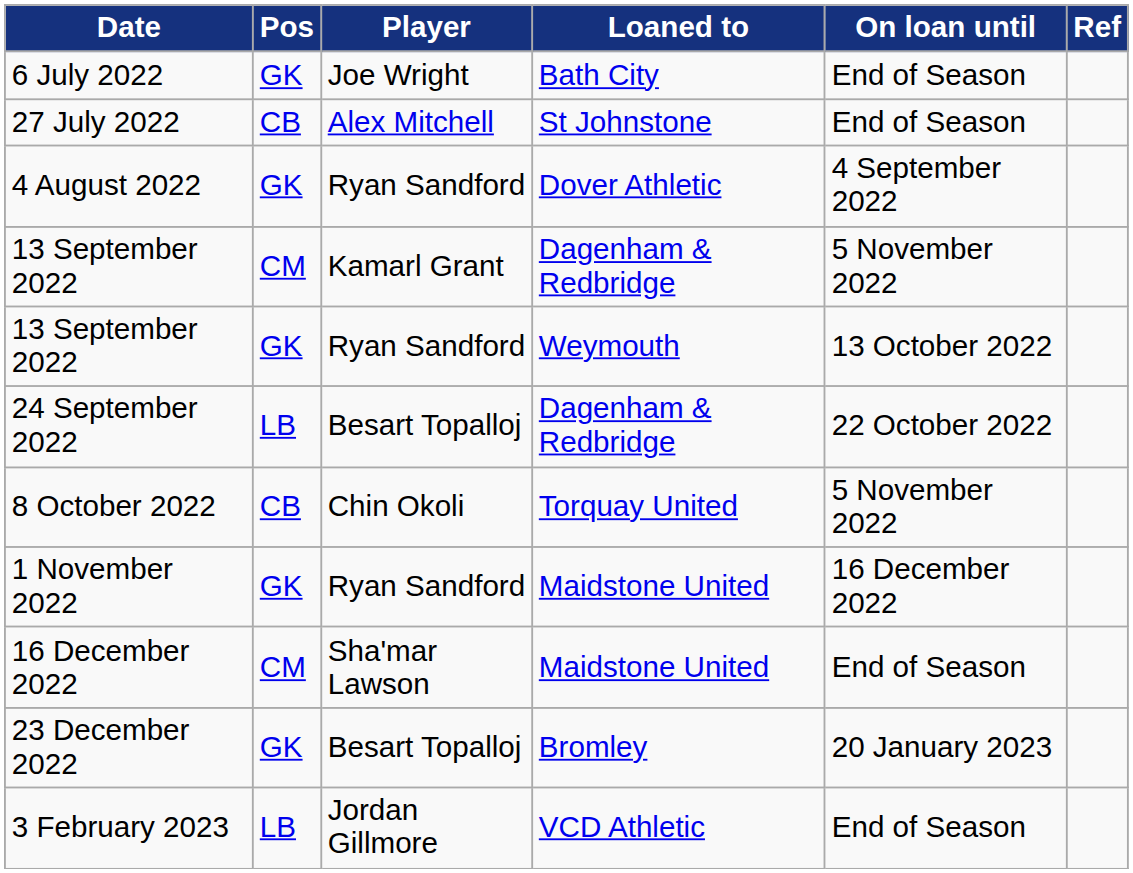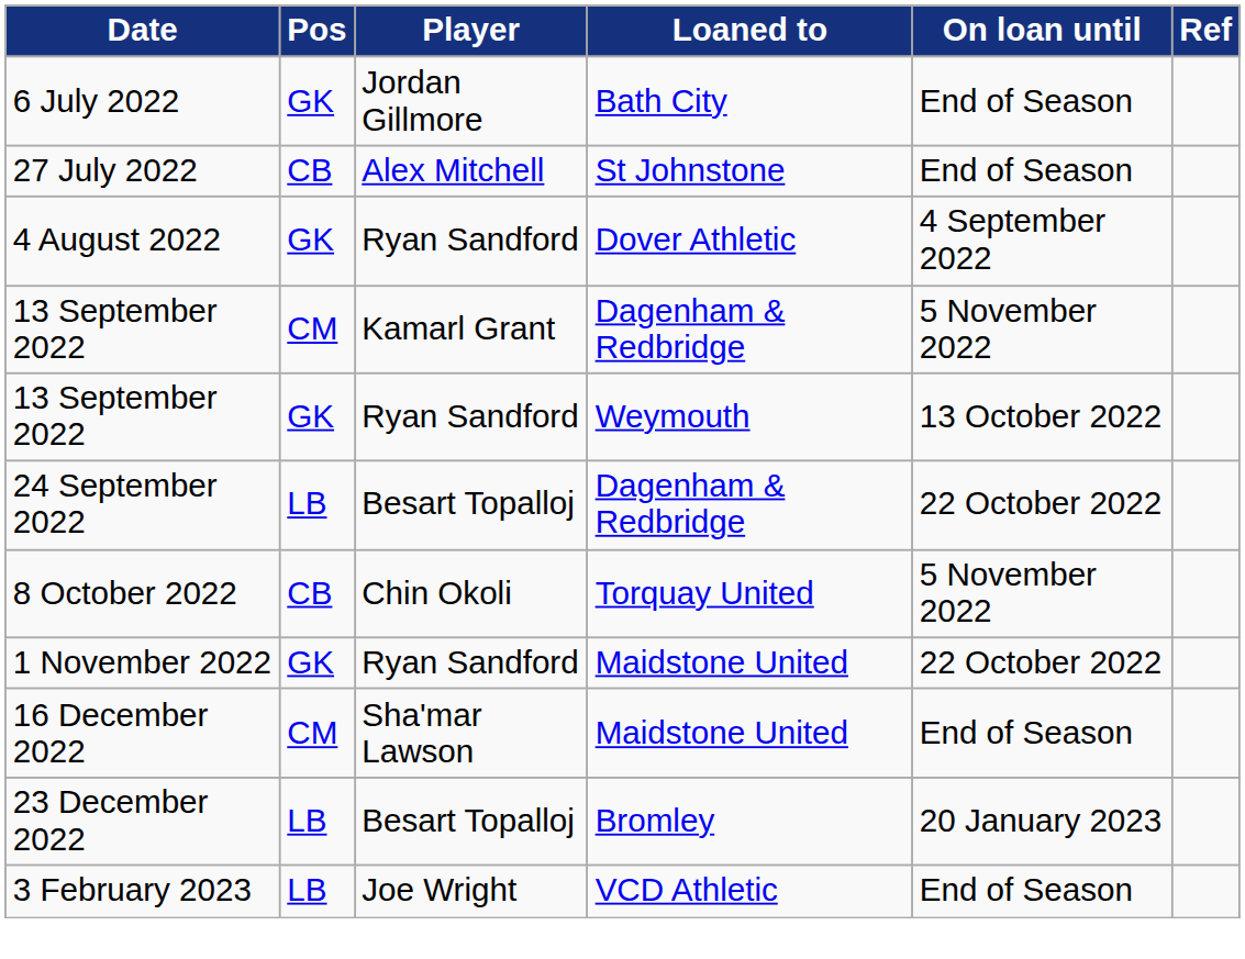 <table class="wikitable plainrowheaders sortable">
 <tr>
 <th style="background:#15317E; color:#ffffff; ">Date</th>
 <th style="background:#15317E; color:#ffffff; ">Pos</th>
 <th style="background:#15317E; color:#ffffff; ">Player</th>
 <th style="background:#15317E; color:#ffffff; ">Loaned to</th>
 <th style="background:#15317E; color:#ffffff; ">On loan until</th>
 <th style="background:#15317E; color:#ffffff; ">Ref</th>
 </tr>
 <tr>
 <td>6 July 2022</td>
 <td><a href='#'>GK</a></td>
-<td> Joe Wright</td>
+<td> Jordan Gillmore</td>
 <td> <a href='#'>Bath City</a></td>
 <td>End of Season</td>
 <td></td>
 </tr>
 <tr>
 <td>27 July 2022</td>
 <td><a href='#'>CB</a></td>
 <td> <a href='#'>Alex Mitchell</a></td>
 <td> <a href='#'>St Johnstone</a></td>
 <td>End of Season</td>
 <td></td>
 </tr>
 <tr>
 <td>4 August 2022</td>
 <td><a href='#'>GK</a></td>
 <td> Ryan Sandford</td>
 <td> <a href='#'>Dover Athletic</a></td>
 <td>4 September 2022</td>
 <td></td>
 </tr>
 <tr>
 <td>13 September 2022</td>
 <td><a href='#'>CM</a></td>
 <td> Kamarl Grant</td>
 <td> <a href='#'>Dagenham & Redbridge</a></td>
 <td>5 November 2022</td>
 <td></td>
 </tr>
 <tr>
 <td>13 September 2022</td>
 <td><a href='#'>GK</a></td>
 <td> Ryan Sandford</td>
 <td> <a href='#'>Weymouth</a></td>
 <td>13 October 2022</td>
 <td></td>
 </tr>
 <tr>
 <td>24 September 2022</td>
 <td><a href='#'>LB</a></td>
 <td> Besart Topalloj</td>
 <td> <a href='#'>Dagenham & Redbridge</a></td>
 <td>22 October 2022</td>
 <td></td>
 </tr>
 <tr>
 <td>8 October 2022</td>
 <td><a href='#'>CB</a></td>
 <td> Chin Okoli</td>
 <td> <a href='#'>Torquay United</a></td>
 <td>5 November 2022</td>
 <td></td>
 </tr>
 <tr>
 <td>1 November 2022</td>
 <td><a href='#'>GK</a></td>
 <td> Ryan Sandford</td>
 <td> <a href='#'>Maidstone United</a></td>
-<td>16 December 2022</td>
+<td>22 October 2022</td>
 <td></td>
 </tr>
 <tr>
 <td>16 December 2022</td>
 <td><a href='#'>CM</a></td>
 <td> Sha'mar Lawson</td>
 <td> <a href='#'>Maidstone United</a></td>
 <td>End of Season</td>
 <td></td>
 </tr>
 <tr>
 <td>23 December 2022</td>
-<td><a href='#'>GK</a></td>
+<td><a href='#'>LB</a></td>
 <td> Besart Topalloj</td>
 <td> <a href='#'>Bromley</a></td>
 <td>20 January 2023</td>
 <td></td>
 </tr>
 <tr>
 <td>3 February 2023</td>
 <td><a href='#'>LB</a></td>
-<td> Jordan Gillmore</td>
+<td> Joe Wright</td>
 <td> <a href='#'>VCD Athletic</a></td>
 <td>End of Season</td>
 <td></td>
 </tr>
 </table>
